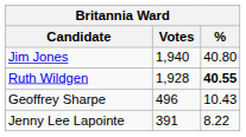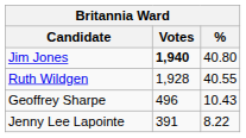 <table class="wikitable">
 <tr>
 <th colspan="3">Britannia Ward</th>
 </tr>
 <tr>
 <th style="width: 170px">Candidate</th>
 <th style="width: 50px">Votes</th>
 <th style="width: 40px">%</th>
 </tr>
 <tr>
 <td><a href='#'>Jim Jones</a></td>
-<td>1,940</td>
+<td><strong>1,940</strong></td>
 <td>40.80</td>
 </tr>
 <tr>
 <td><a href='#'>Ruth Wildgen</a></td>
 <td>1,928</td>
-<td><strong>40.55</strong></td>
+<td>40.55</td>
 </tr>
 <tr>
 <td>Geoffrey Sharpe</td>
 <td>496</td>
 <td>10.43</td>
 </tr>
 <tr>
 <td>Jenny Lee Lapointe</td>
 <td>391</td>
 <td>8.22</td>
 </tr>
 </table>
